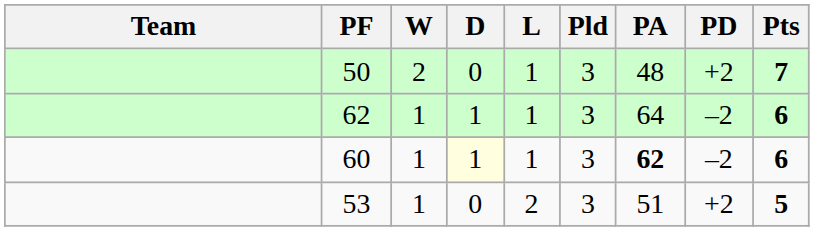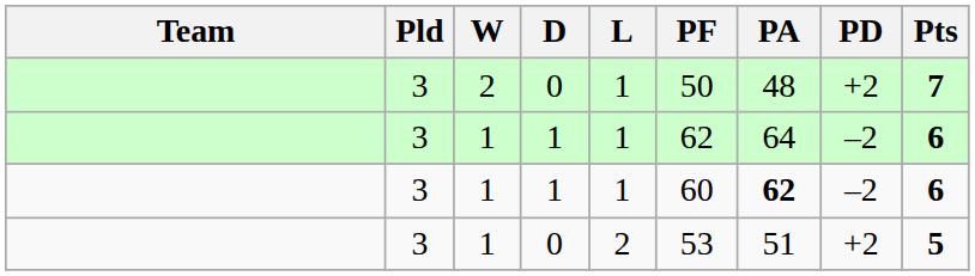 <table class="wikitable" style="text-align:center;">
 <tr>
 <th width=175>Team</th>
-<th width=32 abbr="Points for">PF</th>
+<th width=25 abbr="Played">Pld</th>
 <th width=25 abbr="Won">W</th>
 <th width=25 abbr="Drawn">D</th>
 <th width=25 abbr="Lost">L</th>
-<th width=25 abbr="Played">Pld</th>
+<th width=32 abbr="Points for">PF</th>
 <th width=32 abbr="Points against">PA</th>
 <th width=32 abbr="Points difference">PD</th>
 <th width=25 abbr="Points">Pts</th>
 </tr>
 <tr bgcolor=ccffcc>
 <td align=left></td>
-<td>50</td>
+<td>3</td>
 <td>2</td>
 <td>0</td>
 <td>1</td>
-<td>3</td>
+<td>50</td>
 <td>48</td>
 <td>+2</td>
 <td><strong>7</strong></td>
 </tr>
 <tr bgcolor=ccffcc>
 <td align=left></td>
-<td>62</td>
+<td>3</td>
 <td>1</td>
 <td>1</td>
 <td>1</td>
-<td>3</td>
+<td>62</td>
 <td>64</td>
 <td>–2</td>
 <td><strong>6</strong></td>
 </tr>
 <tr>
 <td align=left></td>
+<td>3</td>
+<td>1</td>
+<td>1</td>
+<td>1</td>
 <td>60</td>
-<td>1</td>
-<td style="background: lightyellow;">1</td>
-<td>1</td>
-<td>3</td>
 <td><strong>62</strong></td>
 <td>–2</td>
 <td><strong>6</strong></td>
 </tr>
 <tr>
 <td align=left></td>
-<td>53</td>
+<td>3</td>
 <td>1</td>
 <td>0</td>
 <td>2</td>
-<td>3</td>
+<td>53</td>
 <td>51</td>
 <td>+2</td>
 <td><strong>5</strong></td>
 </tr>
 </table>
